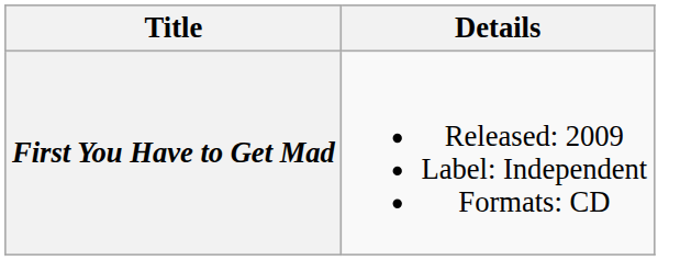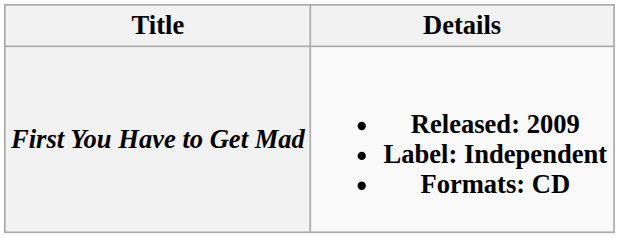 <table class="wikitable plainrowheaders" style="text-align:center;">
 <tr>
 <th scope="col">Title</th>
 <th scope="col">Details</th>
 </tr>
 <tr>
 <th scope="row"><em>First You Have to Get Mad</em></th>
-<td><br><ul><li>Released: 2009</li><li>Label: Independent</li><li>Formats: CD</li></ul></td>
+<td><strong><br><ul><li>Released: 2009</li><li>Label: Independent</li><li>Formats: CD</li></ul></strong></td>
 </tr>
 </table>
